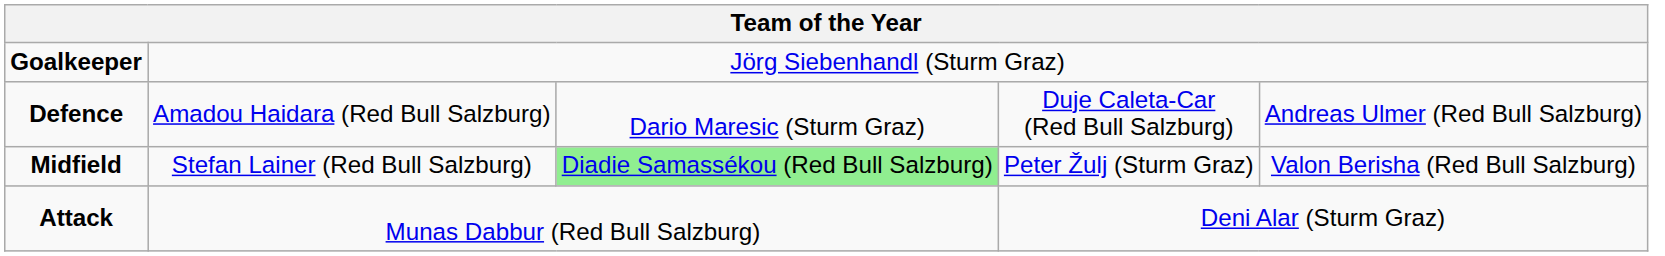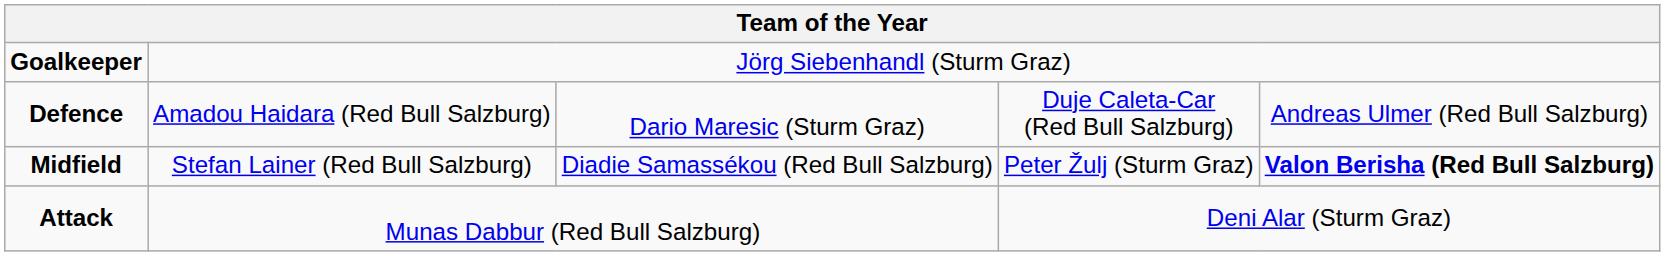 <table class="wikitable" style="text-align:center">
 <tr>
 <th colspan="13">Team of the Year</th>
 </tr>
 <tr>
 <td><strong>Goalkeeper</strong></td>
 <td colspan="4"> <a href='#'>Jörg Siebenhandl</a> (Sturm Graz)</td>
 </tr>
 <tr>
 <td><strong>Defence</strong></td>
 <td> <a href='#'>Amadou Haidara</a> (Red Bull Salzburg)</td>
 <td><br><a href='#'>Dario Maresic</a> (Sturm Graz)</td>
 <td> <a href='#'>Duje Caleta-Car</a><br>(Red Bull Salzburg)</td>
 <td> <a href='#'>Andreas Ulmer</a> (Red Bull Salzburg)</td>
 </tr>
 <tr>
 <td><strong>Midfield</strong></td>
 <td> <a href='#'>Stefan Lainer</a> (Red Bull Salzburg)</td>
-<td style="background: lightgreen;"> <a href='#'>Diadie Samassékou</a> (Red Bull Salzburg)</td>
+<td> <a href='#'>Diadie Samassékou</a> (Red Bull Salzburg)</td>
 <td> <a href='#'>Peter Žulj</a> (Sturm Graz)</td>
-<td> <a href='#'>Valon Berisha</a> (Red Bull Salzburg)</td>
+<td><strong> <a href='#'>Valon Berisha</a> (Red Bull Salzburg)</strong></td>
 </tr>
 <tr>
 <td><strong>Attack</strong></td>
 <td colspan="2.5"><br> <a href='#'>Munas Dabbur</a> (Red Bull Salzburg)</td>
 <td colspan="2.5"> <a href='#'>Deni Alar</a> (Sturm Graz)</td>
 </tr>
 </table>
